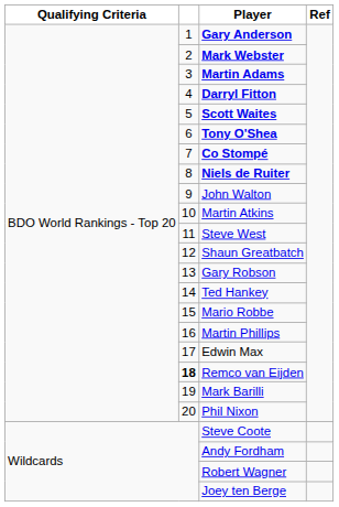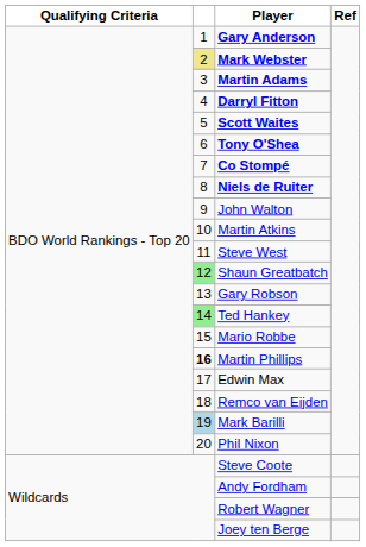 <table class="wikitable sortable collapsible collapsed" style="font-size:85%;">
 <tr>
 <th style="background:#ffffff; color:#000000;">Qualifying Criteria</th>
 <th style="background:#ffffff; color:#000000;"></th>
 <th style="background:#ffffff; color:#000000;">Player</th>
 <th style="background:#ffffff; color:#000000;">Ref</th>
 </tr>
 <tr>
 <td rowspan=20>BDO World Rankings - Top 20</td>
 <td style="text-align: center;">1</td>
 <td> <strong><a href='#'>Gary Anderson</a></strong></td>
 <td rowspan=20></td>
 </tr>
 <tr>
-<td style="text-align: center;">2</td>
+<td style="background: khaki; text-align: center;">2</td>
 <td> <strong><a href='#'>Mark Webster</a></strong></td>
 </tr>
 <tr>
 <td style="text-align: center;">3</td>
 <td> <strong><a href='#'>Martin Adams</a></strong></td>
 </tr>
 <tr>
 <td style="text-align: center;">4</td>
 <td> <strong><a href='#'>Darryl Fitton</a></strong></td>
 </tr>
 <tr>
 <td style="text-align: center;">5</td>
 <td> <strong><a href='#'>Scott Waites</a></strong></td>
 </tr>
 <tr>
 <td style="text-align: center;">6</td>
 <td> <strong><a href='#'>Tony O'Shea</a></strong></td>
 </tr>
 <tr>
 <td style="text-align: center;">7</td>
 <td> <strong><a href='#'>Co Stompé</a></strong></td>
 </tr>
 <tr>
 <td style="text-align: center;">8</td>
 <td> <strong><a href='#'>Niels de Ruiter</a></strong></td>
 </tr>
 <tr>
 <td style="text-align: center;">9</td>
 <td> <a href='#'>John Walton</a></td>
 </tr>
 <tr>
 <td style="text-align: center;">10</td>
 <td> <a href='#'>Martin Atkins</a></td>
 </tr>
 <tr>
 <td style="text-align: center;">11</td>
 <td> <a href='#'>Steve West</a></td>
 </tr>
 <tr>
-<td style="text-align: center;">12</td>
+<td style="background: lightgreen; text-align: center;">12</td>
 <td> <a href='#'>Shaun Greatbatch</a></td>
 </tr>
 <tr>
 <td style="text-align: center;">13</td>
 <td> <a href='#'>Gary Robson</a></td>
 </tr>
 <tr>
-<td style="text-align: center;">14</td>
+<td style="background: lightgreen; text-align: center;">14</td>
 <td> <a href='#'>Ted Hankey</a></td>
 </tr>
 <tr>
 <td style="text-align: center;">15</td>
 <td> <a href='#'>Mario Robbe</a></td>
 </tr>
 <tr>
-<td style="text-align: center;">16</td>
+<td style="text-align: center;"><strong>16</strong></td>
 <td> <a href='#'>Martin Phillips</a></td>
 </tr>
 <tr>
 <td style="text-align: center;">17</td>
 <td> Edwin Max</td>
 </tr>
 <tr>
-<td style="text-align: center;"><strong>18</strong></td>
+<td style="text-align: center;">18</td>
 <td> <a href='#'>Remco van Eijden</a></td>
 </tr>
 <tr>
-<td style="text-align: center;">19</td>
+<td style="background: lightblue; text-align: center;">19</td>
 <td> <a href='#'>Mark Barilli</a></td>
 </tr>
 <tr>
 <td style="text-align: center;">20</td>
 <td> <a href='#'>Phil Nixon</a></td>
 </tr>
 <tr>
 <td rowspan=4 colspan=2>Wildcards</td>
 <td> <a href='#'>Steve Coote</a></td>
 <td></td>
 </tr>
 <tr>
 <td> <a href='#'>Andy Fordham</a></td>
 <td></td>
 </tr>
 <tr>
 <td> <a href='#'>Robert Wagner</a></td>
 <td></td>
 </tr>
 <tr>
 <td> <a href='#'>Joey ten Berge</a></td>
 <td></td>
 </tr>
 </table>
